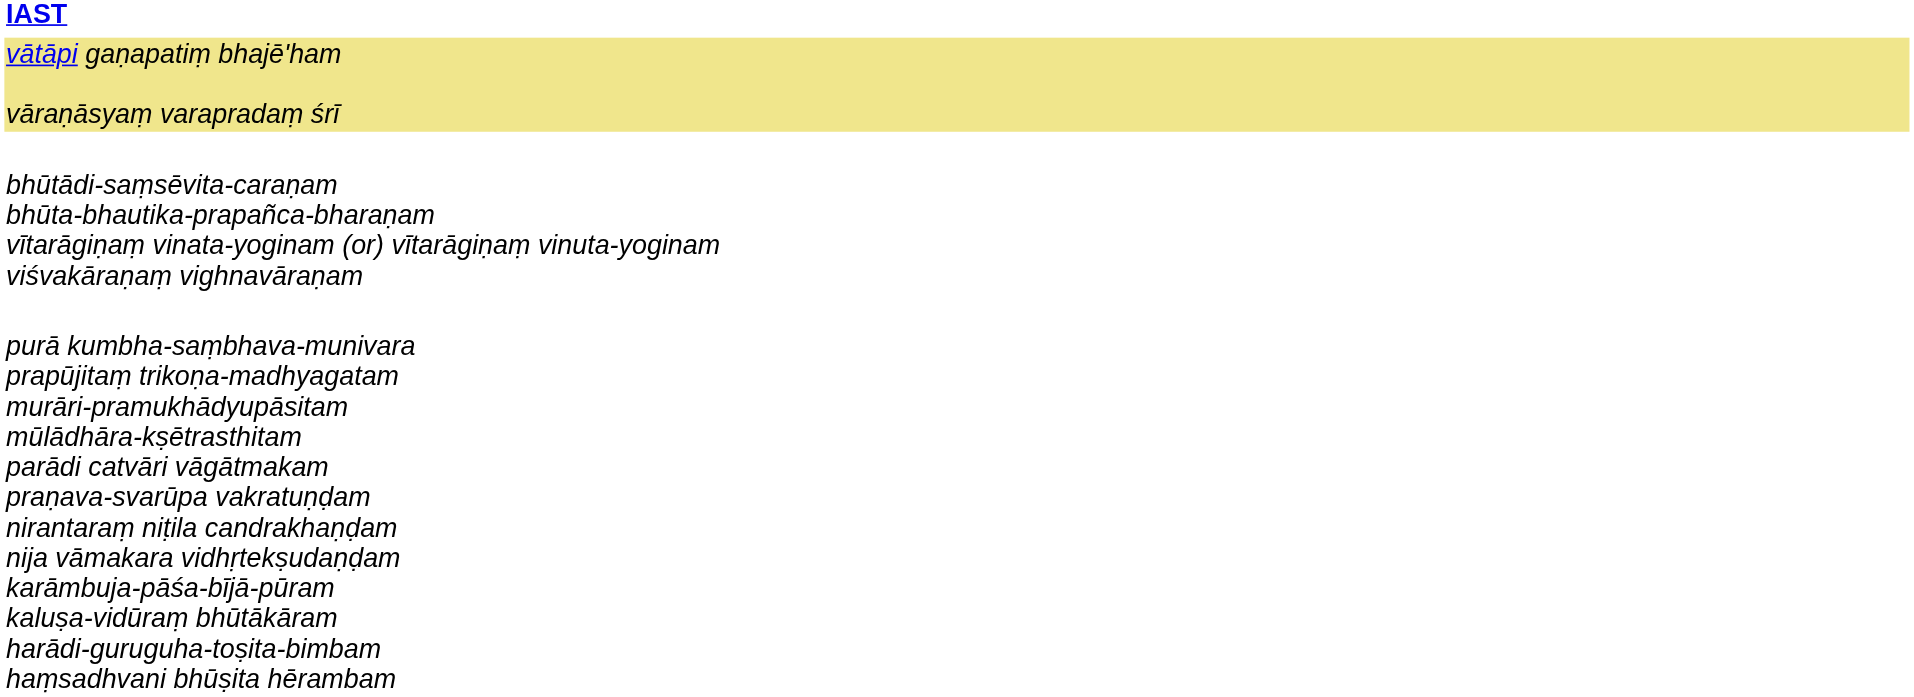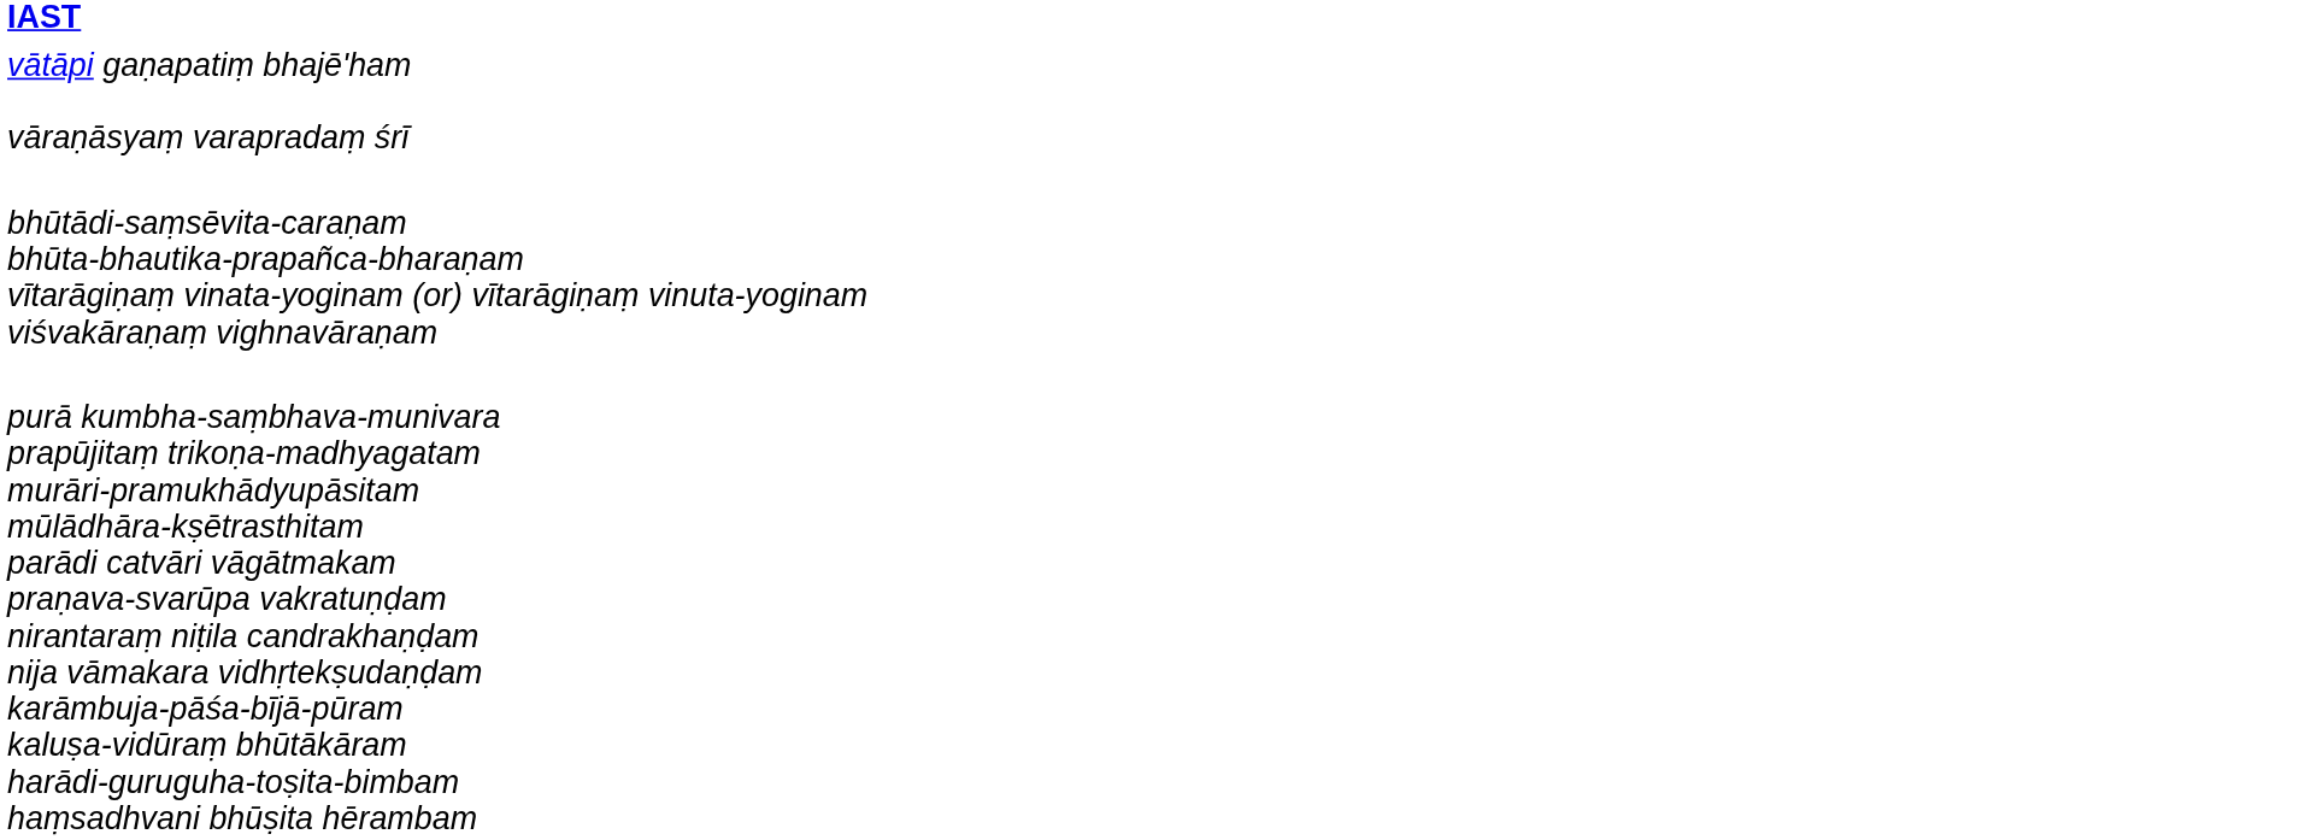 <table style="width: 90%;">
 <tr style="text-align: left;">
 <th style="width: 40%;"><a href='#'>IAST</a></th>
 </tr>
 <tr>
 </tr>
 <tr>
-<td style="background: khaki;"><em><a href='#'>vātāpi</a> gaṇapatiṃ bhajē'ham</em><br><br><em>vāraṇāsyaṃ varapradaṃ śrī </em></td>
+<td><em><a href='#'>vātāpi</a> gaṇapatiṃ bhajē'ham</em><br><br><em>vāraṇāsyaṃ varapradaṃ śrī </em></td>
 </tr>
 <tr>
 </tr>
 <tr>
 <td><br><em>bhūtādi-saṃsēvita-caraṇam </em><br> <em>bhūta-bhautika-prapañca-bharaṇam</em><br> <em>vītarāgiṇaṃ vinata-yoginam (or) vītarāgiṇaṃ vinuta-yoginam</em><br> <em>viśvakāraṇaṃ vighnavāraṇam</em></td>
 </tr>
 <tr>
 </tr>
 <tr>
 <td><br><em>purā kumbha-saṃbhava-munivara</em><br> <em>prapūjitaṃ trikoṇa-madhyagatam</em><br> <em>murāri-pramukhādyupāsitam</em><br> <em>mūlādhāra-kṣētrasthitam</em><br><em>parādi catvāri vāgātmakam</em><br> <em>praṇava-svarūpa vakratuṇḍam</em><br> <em>nirantaraṃ niṭila candrakhaṇḍam</em><br> <em>nija vāmakara vidhṛtekṣudaṇḍam</em><br><em>karāmbuja-pāśa-bījā-pūram</em><br> <em>kaluṣa-vidūraṃ bhūtākāram</em><br> <em>harādi-guruguha-toṣita-bimbam</em> <br>    <em>haṃsadhvani bhūṣita hērambam</em><br></td>
 </tr>
 </table>
